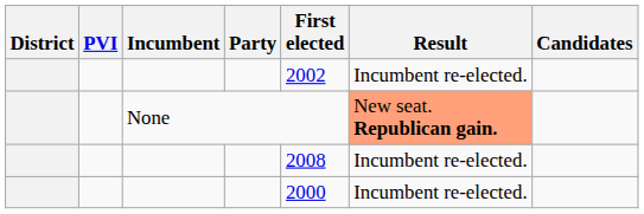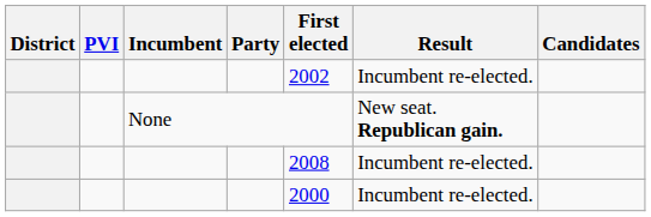 <table class="wikitable sortable">
 <tr valign=bottom>
 <th>District</th>
 <th><a href='#'>PVI</a></th>
 <th>Incumbent</th>
 <th>Party</th>
 <th>First<br>elected</th>
 <th>Result</th>
 <th>Candidates</th>
 </tr>
 <tr>
 <th></th>
 <td></td>
 <td></td>
 <td></td>
 <td><a href='#'>2002</a></td>
 <td>Incumbent re-elected.</td>
 <td nowrap></td>
 </tr>
 <tr>
 <th></th>
 <td></td>
 <td colspan=3 data-sort-value="ZZZ">None </td>
-<td style="background: lightsalmon;">New seat.<br><strong>Republican gain.</strong></td>
+<td>New seat.<br><strong>Republican gain.</strong></td>
 <td nowrap></td>
 </tr>
 <tr>
 <th></th>
 <td></td>
 <td></td>
 <td></td>
 <td><a href='#'>2008</a></td>
 <td>Incumbent re-elected.</td>
 <td nowrap></td>
 </tr>
 <tr>
 <th></th>
 <td></td>
 <td><br></td>
 <td></td>
 <td><a href='#'>2000</a></td>
 <td>Incumbent re-elected.</td>
 <td nowrap></td>
 </tr>
 </table>
